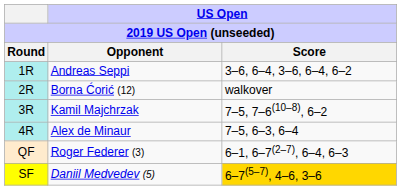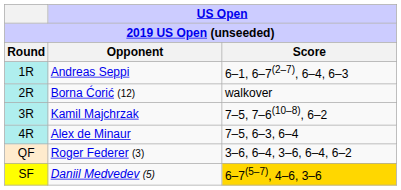 <table class="wikitable collapsible collapsed">
 <tr>
 <th></th>
 <th colspan=2 style="background:#ccf;"><a href='#'>US Open</a></th>
 </tr>
 <tr>
 <th colspan=3 style="background:#ccf;"><a href='#'>2019 US Open</a> (unseeded)</th>
 </tr>
 <tr>
 <th>Round</th>
 <th width=225>Opponent</th>
 <th width=225>Score</th>
 </tr>
 <tr>
 <td style="text-align:center;background:#afeeee;">1R</td>
 <td> <a href='#'>Andreas Seppi</a></td>
-<td>3–6, 6–4, 3–6, 6–4, 6–2</td>
+<td>6–1, 6–7<sup>(2–7)</sup>, 6–4, 6–3</td>
 </tr>
 <tr>
 <td style="text-align:center;background:#afeeee;">2R</td>
 <td> <a href='#'>Borna Ćorić</a> <small>(12)</small></td>
 <td>walkover</td>
 </tr>
 <tr>
 <td style="text-align:center;background:#afeeee;">3R</td>
 <td> <a href='#'>Kamil Majchrzak</a></td>
 <td>7–5, 7–6<sup>(10–8)</sup>, 6–2</td>
 </tr>
 <tr>
 <td style="text-align:center;background:#afeeee;">4R</td>
 <td> <a href='#'>Alex de Minaur</a></td>
 <td>7–5, 6–3, 6–4</td>
 </tr>
 <tr>
 <td style="text-align:center;background:#ffebcd;">QF</td>
 <td> <a href='#'>Roger Federer</a> <small>(3)</small></td>
-<td>6–1, 6–7<sup>(2–7)</sup>, 6–4, 6–3</td>
+<td>3–6, 6–4, 3–6, 6–4, 6–2</td>
 </tr>
 <tr>
 <td style="text-align:center;background:yellow;">SF</td>
 <td><em> <a href='#'>Daniil Medvedev</a> <small>(5)</small></em></td>
 <td style="background: gold;">6–7<sup>(5–7)</sup>, 4–6, 3–6</td>
 </tr>
 </table>
